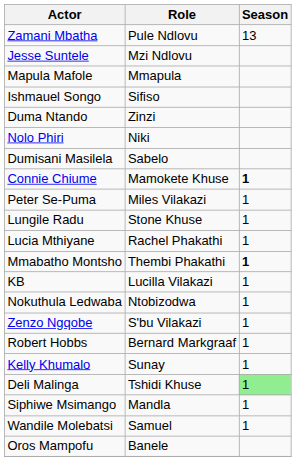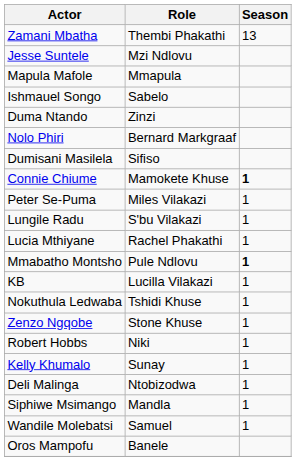 <table class="wikitable">
 <tr>
 <th>Actor</th>
 <th>Role</th>
 <th>Season</th>
 </tr>
 <tr>
 <td><a href='#'>Zamani Mbatha</a></td>
-<td>Pule Ndlovu</td>
+<td>Thembi Phakathi</td>
 <td>13</td>
 </tr>
 <tr>
 <td><a href='#'>Jesse Suntele</a></td>
 <td>Mzi Ndlovu</td>
 <td></td>
 </tr>
 <tr>
 <td>Mapula Mafole</td>
 <td>Mmapula</td>
 <td></td>
 </tr>
 <tr>
 <td>Ishmauel Songo</td>
-<td>Sifiso</td>
+<td>Sabelo</td>
 <td></td>
 </tr>
 <tr>
 <td>Duma Ntando</td>
 <td>Zinzi</td>
 <td></td>
 </tr>
 <tr>
 <td><a href='#'>Nolo Phiri</a></td>
-<td>Niki</td>
+<td>Bernard Markgraaf</td>
 <td></td>
 </tr>
 <tr>
 <td>Dumisani Masilela</td>
-<td>Sabelo</td>
+<td>Sifiso</td>
 <td></td>
 </tr>
 <tr>
 <td><a href='#'>Connie Chiume</a></td>
 <td>Mamokete Khuse</td>
 <td><strong>1</strong></td>
 </tr>
 <tr>
 <td>Peter Se-Puma</td>
 <td>Miles Vilakazi</td>
 <td>1</td>
 </tr>
 <tr>
 <td>Lungile Radu</td>
-<td>Stone Khuse</td>
+<td>S'bu Vilakazi</td>
 <td>1</td>
 </tr>
 <tr>
 <td>Lucia Mthiyane</td>
 <td>Rachel Phakathi</td>
 <td>1</td>
 </tr>
 <tr>
 <td>Mmabatho Montsho</td>
-<td>Thembi Phakathi</td>
+<td>Pule Ndlovu</td>
 <td><strong>1</strong></td>
 </tr>
 <tr>
 <td>KB</td>
 <td>Lucilla Vilakazi</td>
 <td>1</td>
 </tr>
 <tr>
 <td>Nokuthula Ledwaba</td>
-<td>Ntobizodwa</td>
+<td>Tshidi Khuse</td>
 <td>1</td>
 </tr>
 <tr>
 <td><a href='#'>Zenzo Ngqobe</a></td>
-<td>S'bu Vilakazi</td>
+<td>Stone Khuse</td>
 <td>1</td>
 </tr>
 <tr>
 <td>Robert Hobbs</td>
-<td>Bernard Markgraaf</td>
+<td>Niki</td>
 <td>1</td>
 </tr>
 <tr>
 <td><a href='#'>Kelly Khumalo</a></td>
 <td>Sunay</td>
 <td>1</td>
 </tr>
 <tr>
 <td>Deli Malinga</td>
-<td>Tshidi Khuse</td>
-<td style="background: lightgreen;">1</td>
+<td>Ntobizodwa</td>
+<td>1</td>
 </tr>
 <tr>
 <td>Siphiwe Msimango</td>
 <td>Mandla</td>
 <td>1</td>
 </tr>
 <tr>
 <td>Wandile Molebatsi</td>
 <td>Samuel</td>
 <td>1</td>
 </tr>
 <tr>
 <td>Oros Mampofu</td>
 <td>Banele</td>
 <td></td>
 </tr>
 <tr>
 </tr>
 </table>
